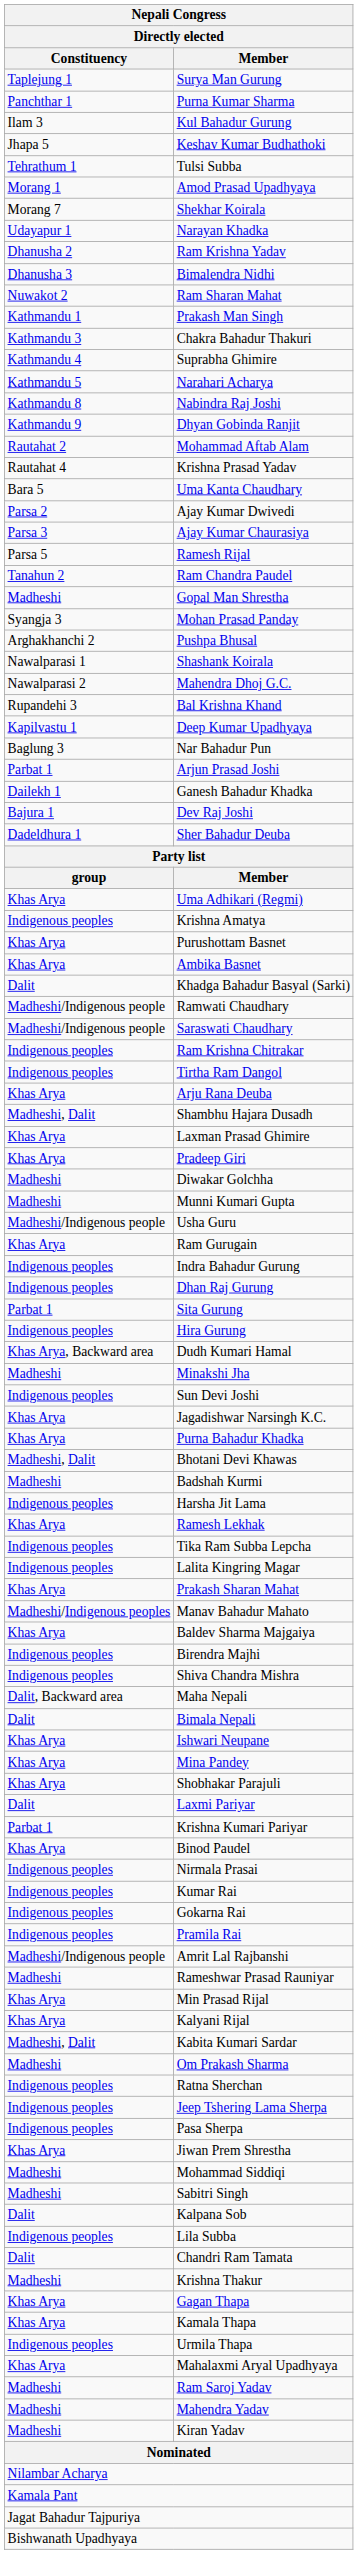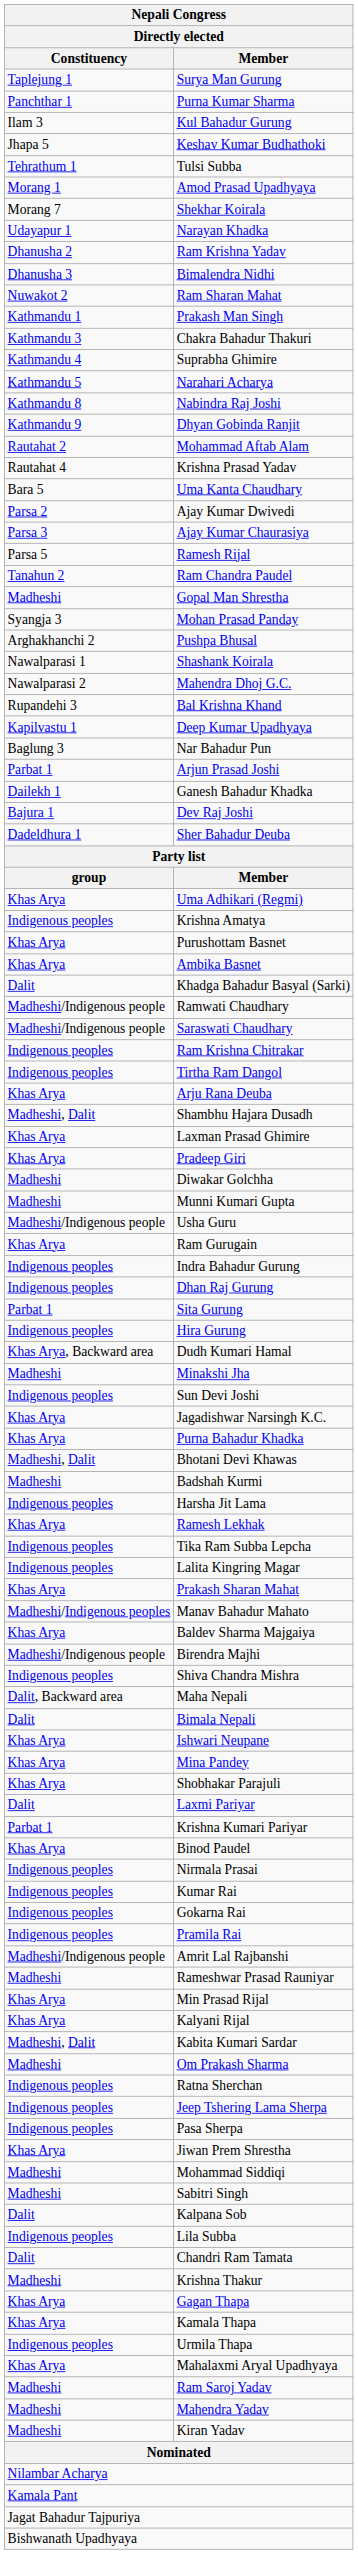 <table role="presentation" class="wikitable mw-collapsible mw-collapsed">
 <tr>
 <th colspan="2" style="width: 300pt; background: ">Nepali Congress</th>
 </tr>
 <tr>
 <th colspan="2">Directly elected</th>
 </tr>
 <tr>
 <th>Constituency</th>
 <th>Member</th>
 </tr>
 <tr>
 <td><a href='#'>Taplejung 1</a></td>
 <td><a href='#'>Surya Man Gurung</a></td>
 </tr>
 <tr>
 <td><a href='#'>Panchthar 1</a></td>
 <td><a href='#'>Purna Kumar Sharma</a></td>
 </tr>
 <tr>
 <td>Ilam 3</td>
 <td><a href='#'>Kul Bahadur Gurung</a></td>
 </tr>
 <tr>
 <td>Jhapa 5</td>
 <td><a href='#'>Keshav Kumar Budhathoki</a></td>
 </tr>
 <tr>
 <td><a href='#'>Tehrathum 1</a></td>
 <td>Tulsi Subba</td>
 </tr>
 <tr>
 <td><a href='#'>Morang 1</a></td>
 <td><a href='#'>Amod Prasad Upadhyaya</a></td>
 </tr>
 <tr>
 <td>Morang 7</td>
 <td><a href='#'>Shekhar Koirala</a></td>
 </tr>
 <tr>
 <td><a href='#'>Udayapur 1</a></td>
 <td><a href='#'>Narayan Khadka</a></td>
 </tr>
 <tr>
 <td><a href='#'>Dhanusha 2</a></td>
 <td><a href='#'>Ram Krishna Yadav</a></td>
 </tr>
 <tr>
 <td><a href='#'>Dhanusha 3</a></td>
 <td><a href='#'>Bimalendra Nidhi</a></td>
 </tr>
 <tr>
 <td><a href='#'>Nuwakot 2</a></td>
 <td><a href='#'>Ram Sharan Mahat</a></td>
 </tr>
 <tr>
 <td><a href='#'>Kathmandu 1</a></td>
 <td><a href='#'>Prakash Man Singh</a></td>
 </tr>
 <tr>
 <td><a href='#'>Kathmandu 3</a></td>
 <td>Chakra Bahadur Thakuri</td>
 </tr>
 <tr>
 <td><a href='#'>Kathmandu 4</a></td>
 <td>Suprabha Ghimire</td>
 </tr>
 <tr>
 <td><a href='#'>Kathmandu 5</a></td>
 <td><a href='#'>Narahari Acharya</a></td>
 </tr>
 <tr>
 <td><a href='#'>Kathmandu 8</a></td>
 <td><a href='#'>Nabindra Raj Joshi</a></td>
 </tr>
 <tr>
 <td><a href='#'>Kathmandu 9</a></td>
 <td><a href='#'>Dhyan Gobinda Ranjit</a></td>
 </tr>
 <tr>
 <td><a href='#'>Rautahat 2</a></td>
 <td><a href='#'>Mohammad Aftab Alam</a></td>
 </tr>
 <tr>
 <td>Rautahat 4</td>
 <td>Krishna Prasad Yadav</td>
 </tr>
 <tr>
 <td>Bara 5</td>
 <td><a href='#'>Uma Kanta Chaudhary</a></td>
 </tr>
 <tr>
 <td><a href='#'>Parsa 2</a></td>
 <td>Ajay Kumar Dwivedi</td>
 </tr>
 <tr>
 <td><a href='#'>Parsa 3</a></td>
 <td><a href='#'>Ajay Kumar Chaurasiya</a></td>
 </tr>
 <tr>
 <td>Parsa 5</td>
 <td><a href='#'>Ramesh Rijal</a></td>
 </tr>
 <tr>
 <td><a href='#'>Tanahun 2</a></td>
 <td><a href='#'>Ram Chandra Paudel</a></td>
 </tr>
 <tr>
 <td><a href='#'>Madheshi</a></td>
 <td><a href='#'>Gopal Man Shrestha</a></td>
 </tr>
 <tr>
 <td>Syangja 3</td>
 <td><a href='#'>Mohan Prasad Panday</a></td>
 </tr>
 <tr>
 <td>Arghakhanchi 2</td>
 <td><a href='#'>Pushpa Bhusal</a></td>
 </tr>
 <tr>
 <td>Nawalparasi 1</td>
 <td><a href='#'>Shashank Koirala</a></td>
 </tr>
 <tr>
 <td>Nawalparasi 2</td>
 <td><a href='#'>Mahendra Dhoj G.C.</a></td>
 </tr>
 <tr>
 <td>Rupandehi 3</td>
 <td><a href='#'>Bal Krishna Khand</a></td>
 </tr>
 <tr>
 <td><a href='#'>Kapilvastu 1</a></td>
 <td><a href='#'>Deep Kumar Upadhyaya</a></td>
 </tr>
 <tr>
 <td>Baglung 3</td>
 <td>Nar Bahadur Pun</td>
 </tr>
 <tr>
 <td><a href='#'>Parbat 1</a></td>
 <td><a href='#'>Arjun Prasad Joshi</a></td>
 </tr>
 <tr>
 <td><a href='#'>Dailekh 1</a></td>
 <td>Ganesh Bahadur Khadka</td>
 </tr>
 <tr>
 <td><a href='#'>Bajura 1</a></td>
 <td><a href='#'>Dev Raj Joshi</a></td>
 </tr>
 <tr>
 <td><a href='#'>Dadeldhura 1</a></td>
 <td><a href='#'>Sher Bahadur Deuba</a></td>
 </tr>
 <tr>
 <th colspan="2">Party list</th>
 </tr>
 <tr>
 <th> group</th>
 <th>Member</th>
 </tr>
 <tr>
 <td><a href='#'>Khas Arya</a></td>
 <td><a href='#'>Uma Adhikari (Regmi)</a></td>
 </tr>
 <tr>
 <td><a href='#'>Indigenous peoples</a></td>
 <td>Krishna Amatya</td>
 </tr>
 <tr>
 <td><a href='#'>Khas Arya</a></td>
 <td>Purushottam Basnet</td>
 </tr>
 <tr>
 <td><a href='#'>Khas Arya</a></td>
 <td><a href='#'>Ambika Basnet</a></td>
 </tr>
 <tr>
 <td><a href='#'>Dalit</a></td>
 <td>Khadga Bahadur Basyal (Sarki)</td>
 </tr>
 <tr>
 <td><a href='#'>Madheshi</a>/Indigenous people</td>
 <td>Ramwati Chaudhary</td>
 </tr>
 <tr>
 <td><a href='#'>Madheshi</a>/Indigenous people</td>
 <td><a href='#'>Saraswati Chaudhary</a></td>
 </tr>
 <tr>
 <td><a href='#'>Indigenous peoples</a></td>
 <td><a href='#'>Ram Krishna Chitrakar</a></td>
 </tr>
 <tr>
 <td><a href='#'>Indigenous peoples</a></td>
 <td><a href='#'>Tirtha Ram Dangol</a></td>
 </tr>
 <tr>
 <td><a href='#'>Khas Arya</a></td>
 <td><a href='#'>Arju Rana Deuba</a></td>
 </tr>
 <tr>
 <td><a href='#'>Madheshi</a>, <a href='#'>Dalit</a></td>
 <td>Shambhu Hajara Dusadh</td>
 </tr>
 <tr>
 <td><a href='#'>Khas Arya</a></td>
 <td>Laxman Prasad Ghimire</td>
 </tr>
 <tr>
 <td><a href='#'>Khas Arya</a></td>
 <td><a href='#'>Pradeep Giri</a></td>
 </tr>
 <tr>
 <td><a href='#'>Madheshi</a></td>
 <td>Diwakar Golchha</td>
 </tr>
 <tr>
 <td><a href='#'>Madheshi</a></td>
 <td>Munni Kumari Gupta</td>
 </tr>
 <tr>
 <td><a href='#'>Madheshi</a>/Indigenous people</td>
 <td>Usha Guru</td>
 </tr>
 <tr>
 <td><a href='#'>Khas Arya</a></td>
 <td>Ram Gurugain</td>
 </tr>
 <tr>
 <td><a href='#'>Indigenous peoples</a></td>
 <td>Indra Bahadur Gurung</td>
 </tr>
 <tr>
 <td><a href='#'>Indigenous peoples</a></td>
 <td><a href='#'>Dhan Raj Gurung</a></td>
 </tr>
 <tr>
 <td><a href='#'>Parbat 1</a></td>
 <td><a href='#'>Sita Gurung</a></td>
 </tr>
 <tr>
 <td><a href='#'>Indigenous peoples</a></td>
 <td><a href='#'>Hira Gurung</a></td>
 </tr>
 <tr>
 <td><a href='#'>Khas Arya</a>, Backward area</td>
 <td>Dudh Kumari Hamal</td>
 </tr>
 <tr>
 <td><a href='#'>Madheshi</a></td>
 <td><a href='#'>Minakshi Jha</a></td>
 </tr>
 <tr>
 <td><a href='#'>Indigenous peoples</a></td>
 <td>Sun Devi Joshi</td>
 </tr>
 <tr>
 <td><a href='#'>Khas Arya</a></td>
 <td>Jagadishwar Narsingh K.C.</td>
 </tr>
 <tr>
 <td><a href='#'>Khas Arya</a></td>
 <td><a href='#'>Purna Bahadur Khadka</a></td>
 </tr>
 <tr>
 <td><a href='#'>Madheshi</a>, <a href='#'>Dalit</a></td>
 <td>Bhotani Devi Khawas</td>
 </tr>
 <tr>
 <td><a href='#'>Madheshi</a></td>
 <td>Badshah Kurmi</td>
 </tr>
 <tr>
 <td><a href='#'>Indigenous peoples</a></td>
 <td>Harsha Jit Lama</td>
 </tr>
 <tr>
 <td><a href='#'>Khas Arya</a></td>
 <td><a href='#'>Ramesh Lekhak</a></td>
 </tr>
 <tr>
 <td><a href='#'>Indigenous peoples</a></td>
 <td>Tika Ram Subba Lepcha</td>
 </tr>
 <tr>
 <td><a href='#'>Indigenous peoples</a></td>
 <td>Lalita Kingring Magar</td>
 </tr>
 <tr>
 <td><a href='#'>Khas Arya</a></td>
 <td><a href='#'>Prakash Sharan Mahat</a></td>
 </tr>
 <tr>
 <td><a href='#'>Madheshi</a>/<a href='#'>Indigenous peoples</a></td>
 <td>Manav Bahadur Mahato</td>
 </tr>
 <tr>
 <td><a href='#'>Khas Arya</a></td>
 <td>Baldev Sharma Majgaiya</td>
 </tr>
 <tr>
-<td><a href='#'>Indigenous peoples</a></td>
+<td><a href='#'>Madheshi</a>/Indigenous people</td>
 <td>Birendra Majhi</td>
 </tr>
 <tr>
 <td><a href='#'>Indigenous peoples</a></td>
 <td>Shiva Chandra Mishra</td>
 </tr>
 <tr>
 <td><a href='#'>Dalit</a>, Backward area</td>
 <td>Maha Nepali</td>
 </tr>
 <tr>
 <td><a href='#'>Dalit</a></td>
 <td><a href='#'>Bimala Nepali</a></td>
 </tr>
 <tr>
 <td><a href='#'>Khas Arya</a></td>
 <td><a href='#'>Ishwari Neupane</a></td>
 </tr>
 <tr>
 <td><a href='#'>Khas Arya</a></td>
 <td><a href='#'>Mina Pandey</a></td>
 </tr>
 <tr>
 <td><a href='#'>Khas Arya</a></td>
 <td>Shobhakar Parajuli</td>
 </tr>
 <tr>
 <td><a href='#'>Dalit</a></td>
 <td><a href='#'>Laxmi Pariyar</a></td>
 </tr>
 <tr>
 <td><a href='#'>Parbat 1</a></td>
 <td>Krishna Kumari Pariyar</td>
 </tr>
 <tr>
 <td><a href='#'>Khas Arya</a></td>
 <td>Binod Paudel</td>
 </tr>
 <tr>
 <td><a href='#'>Indigenous peoples</a></td>
 <td>Nirmala Prasai</td>
 </tr>
 <tr>
 <td><a href='#'>Indigenous peoples</a></td>
 <td>Kumar Rai</td>
 </tr>
 <tr>
 <td><a href='#'>Indigenous peoples</a></td>
 <td>Gokarna Rai</td>
 </tr>
 <tr>
 <td><a href='#'>Indigenous peoples</a></td>
 <td><a href='#'>Pramila Rai</a></td>
 </tr>
 <tr>
 <td><a href='#'>Madheshi</a>/Indigenous people</td>
 <td>Amrit Lal Rajbanshi</td>
 </tr>
 <tr>
 <td><a href='#'>Madheshi</a></td>
 <td>Rameshwar Prasad Rauniyar</td>
 </tr>
 <tr>
 <td><a href='#'>Khas Arya</a></td>
 <td>Min Prasad Rijal</td>
 </tr>
 <tr>
 <td><a href='#'>Khas Arya</a></td>
 <td>Kalyani Rijal</td>
 </tr>
 <tr>
 <td><a href='#'>Madheshi</a>, <a href='#'>Dalit</a></td>
 <td>Kabita Kumari Sardar</td>
 </tr>
 <tr>
 <td><a href='#'>Madheshi</a></td>
 <td><a href='#'>Om Prakash Sharma</a></td>
 </tr>
 <tr>
 <td><a href='#'>Indigenous peoples</a></td>
 <td>Ratna Sherchan</td>
 </tr>
 <tr>
 <td><a href='#'>Indigenous peoples</a></td>
 <td><a href='#'>Jeep Tshering Lama Sherpa</a></td>
 </tr>
 <tr>
 <td><a href='#'>Indigenous peoples</a></td>
 <td>Pasa Sherpa</td>
 </tr>
 <tr>
 <td><a href='#'>Khas Arya</a></td>
 <td>Jiwan Prem Shrestha</td>
 </tr>
 <tr>
 <td><a href='#'>Madheshi</a></td>
 <td>Mohammad Siddiqi</td>
 </tr>
 <tr>
 <td><a href='#'>Madheshi</a></td>
 <td>Sabitri Singh</td>
 </tr>
 <tr>
 <td><a href='#'>Dalit</a></td>
 <td>Kalpana Sob</td>
 </tr>
 <tr>
 <td><a href='#'>Indigenous peoples</a></td>
 <td>Lila Subba</td>
 </tr>
 <tr>
 <td><a href='#'>Dalit</a></td>
 <td>Chandri Ram Tamata</td>
 </tr>
 <tr>
 <td><a href='#'>Madheshi</a></td>
 <td>Krishna Thakur</td>
 </tr>
 <tr>
 <td><a href='#'>Khas Arya</a></td>
 <td><a href='#'>Gagan Thapa</a></td>
 </tr>
 <tr>
 <td><a href='#'>Khas Arya</a></td>
 <td>Kamala Thapa</td>
 </tr>
 <tr>
 <td><a href='#'>Indigenous peoples</a></td>
 <td>Urmila Thapa</td>
 </tr>
 <tr>
 <td><a href='#'>Khas Arya</a></td>
 <td>Mahalaxmi Aryal Upadhyaya</td>
 </tr>
 <tr>
 <td><a href='#'>Madheshi</a></td>
 <td><a href='#'>Ram Saroj Yadav</a></td>
 </tr>
 <tr>
 <td><a href='#'>Madheshi</a></td>
 <td><a href='#'>Mahendra Yadav</a></td>
 </tr>
 <tr>
 <td><a href='#'>Madheshi</a></td>
 <td>Kiran Yadav</td>
 </tr>
 <tr>
 <th colspan="2">Nominated</th>
 </tr>
 <tr>
 <td colspan="2"><a href='#'>Nilambar Acharya</a></td>
 </tr>
 <tr>
 <td colspan="2"><a href='#'>Kamala Pant</a></td>
 </tr>
 <tr>
 <td colspan="2">Jagat Bahadur Tajpuriya</td>
 </tr>
 <tr>
 <td colspan="2">Bishwanath Upadhyaya</td>
 </tr>
 </table>
